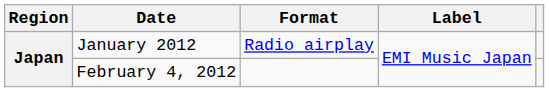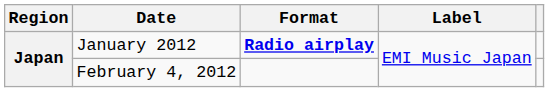 <table class="wikitable plainrowheaders">
 <tr>
 <th scope="col">Region</th>
 <th scope="col">Date</th>
 <th scope="col">Format</th>
 <th scope="col">Label</th>
 <th scope="col"></th>
 </tr>
 <tr>
 <th rowspan="2" scope="row">Japan</th>
 <td>January 2012</td>
-<td><a href='#'>Radio airplay</a></td>
+<td><strong><a href='#'>Radio airplay</a></strong></td>
 <td rowspan="2"><a href='#'>EMI Music Japan</a></td>
 <td align="center"></td>
 </tr>
 <tr>
 <td>February 4, 2012</td>
 <td></td>
 <td align="center"></td>
 </tr>
 </table>
